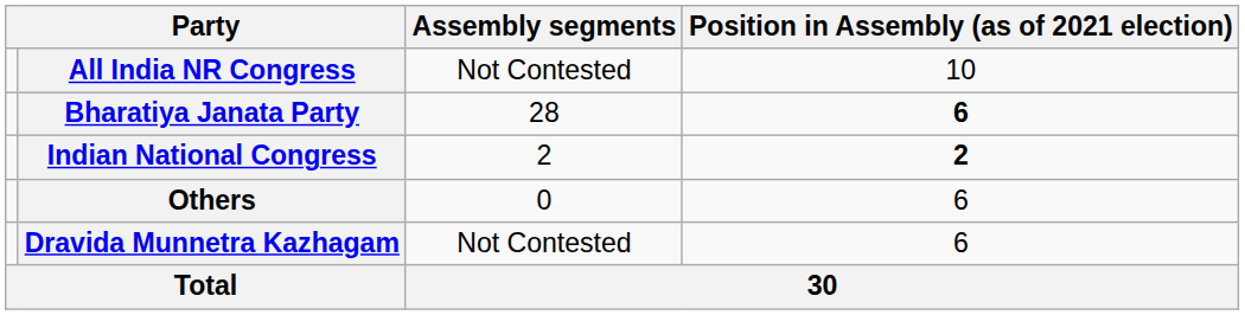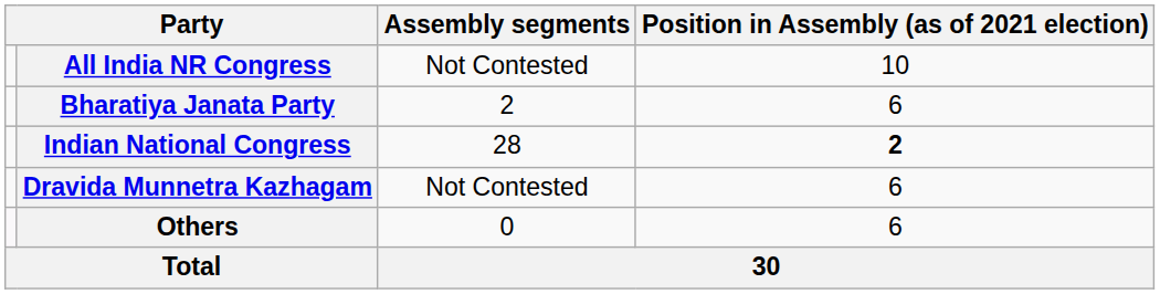 <table class="wikitable" style="text-align:center">
 <tr>
 <th colspan=2>Party</th>
 <th>Assembly segments</th>
 <th>Position in Assembly (as of 2021 election)</th>
 </tr>
 <tr>
 <td></td>
 <th><a href='#'>All India NR Congress</a></th>
 <td>Not Contested</td>
 <td>10</td>
 </tr>
 <tr>
 <td></td>
 <th><a href='#'>Bharatiya Janata Party</a></th>
-<td>28</td>
-<td><strong>6</strong></td>
+<td>2</td>
+<td>6</td>
 </tr>
 <tr>
 <td></td>
 <th><a href='#'>Indian National Congress</a></th>
-<td>2</td>
+<td>28</td>
 <td><strong>2</strong></td>
+</tr>
+<tr>
+<td></td>
+<th><a href='#'>Dravida Munnetra Kazhagam</a></th>
+<td>Not Contested</td>
+<td>6</td>
 </tr>
 <tr>
 <td bgcolor=#FAF8FA></td>
 <th>Others</th>
 <td>0</td>
 <td>6</td>
 </tr>
 <tr>
-<td></td>
-<th><a href='#'>Dravida Munnetra Kazhagam</a></th>
-<td>Not Contested</td>
-<td>6</td>
-</tr>
-<tr>
 <th colspan=2>Total</th>
 <th colspan=2>30</th>
 </tr>
 </table>
